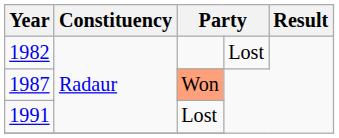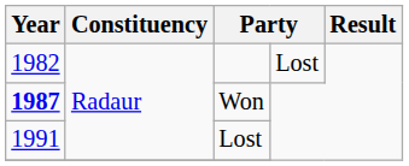 <table class="wikitable sortable">
 <tr>
 <th>Year</th>
 <th>Constituency</th>
 <th colspan=2>Party</th>
 <th>Result</th>
 </tr>
 <tr>
 <td><a href='#'>1982</a></td>
 <td rowspan=3><a href='#'>Radaur</a></td>
 <td></td>
 <td>Lost</td>
 </tr>
 <tr>
-<td><a href='#'>1987</a></td>
-<td style="background: lightsalmon;">Won</td>
+<td><strong><a href='#'>1987</a></strong></td>
+<td>Won</td>
 </tr>
 <tr>
 <td><a href='#'>1991</a></td>
 <td>Lost</td>
 </tr>
 <tr>
 </tr>
 </table>
